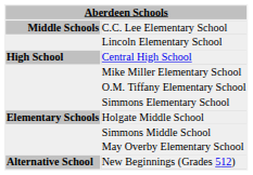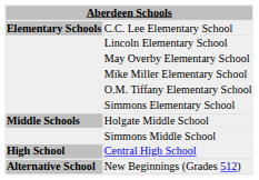 <table class="toccolours" style="background-color:#efefef;">
 <tr style="font-weight:bold; text-align:center; background-color:#c0c0c0;">
 <th colspan="2" style="text-decoration:underline;">Aberdeen Schools</th>
 </tr>
 <tr style="font-weight:bold; text-align:right; background-color:#c0c0c0;">
-<td>Middle Schools</td>
+<td>Elementary Schools</td>
 <td style="background-color:#efefef; font-weight:normal; text-align:left;">C.C. Lee Elementary School</td>
 </tr>
 <tr>
 <td></td>
 <td>Lincoln Elementary School</td>
 </tr>
-<tr style="font-weight:bold; background-color:#c0c0c0;">
-<td>High School</td>
-<td style="background-color:#efefef; font-weight:normal;"><a href='#'>Central High School</a></td>
+<tr>
+<td></td>
+<td>May Overby Elementary School</td>
 </tr>
 <tr>
 <td></td>
 <td>Mike Miller Elementary School</td>
 </tr>
 <tr>
 <td></td>
 <td>O.M. Tiffany Elementary School</td>
 </tr>
 <tr>
 <td></td>
 <td>Simmons Elementary School</td>
 </tr>
 <tr style="font-weight:bold; background-color:#c0c0c0;">
-<td>Elementary Schools</td>
+<td>Middle Schools</td>
 <td style="background-color:#efefef; font-weight:normal;">Holgate Middle School</td>
 </tr>
 <tr>
 <td></td>
 <td>Simmons Middle School</td>
 </tr>
-<tr>
-<td></td>
-<td>May Overby Elementary School</td>
+<tr style="font-weight:bold; background-color:#c0c0c0;">
+<td>High School</td>
+<td style="background-color:#efefef; font-weight:normal;"><a href='#'>Central High School</a></td>
 </tr>
 <tr style="font-weight:bold; background-color:#c0c0c0;">
 <td>Alternative School</td>
 <td style="background-color:#efefef; font-weight:normal;">New Beginnings (Grades <a href='#'>5</a><a href='#'>12</a>)</td>
 </tr>
 </table>
